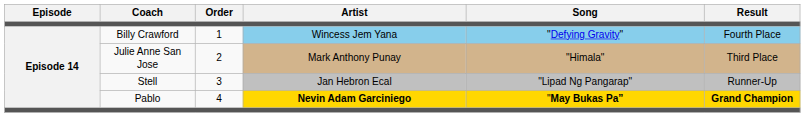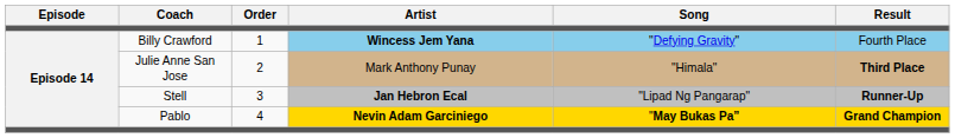 <table class="wikitable" style="text-align:center; line-height:20px; width:100%;">
 <tr>
 <th width="12%">Episode</th>
 <th width="12%">Coach</th>
 <th width="06%">Order</th>
 <th width="28%">Artist</th>
 <th width="30%">Song</th>
 <th width="15%">Result</th>
 </tr>
 <tr>
 <td colspan="6" style="background:#555;"></td>
 </tr>
 <tr>
 <th rowspan="4">Episode 14<br><small></small></th>
 <td>Billy Crawford</td>
 <td>1</td>
-<td style="background:skyblue">Wincess Jem Yana</td>
+<td style="background:skyblue"><strong>Wincess Jem Yana</strong></td>
 <td style="background:skyblue">"<a href='#'>Defying Gravity</a>"</td>
 <td style="background:skyblue">Fourth Place</td>
 </tr>
 <tr>
 <td>Julie Anne San Jose</td>
 <td>2</td>
 <td style="background:tan">Mark Anthony Punay</td>
 <td style="background:tan">"Himala"</td>
-<td style="background:tan">Third Place</td>
+<td style="background:tan"><strong>Third Place</strong></td>
 </tr>
 <tr>
 <td>Stell</td>
 <td>3</td>
-<td style="background:silver">Jan Hebron Ecal</td>
+<td style="background:silver"><strong>Jan Hebron Ecal</strong></td>
 <td style="background:silver">"Lipad Ng Pangarap"</td>
-<td style="background:silver">Runner-Up</td>
+<td style="background:silver"><strong>Runner-Up</strong></td>
 </tr>
 <tr>
 <td>Pablo</td>
 <td>4</td>
 <td style="background:gold"><strong>Nevin Adam Garciniego</strong></td>
 <td style="background:gold">"<strong>May Bukas Pa”</strong></td>
 <td style="background:gold"><strong>Grand Champion</strong></td>
 </tr>
 <tr>
 <td colspan="6" style="background:#555;"></td>
 </tr>
 </table>
